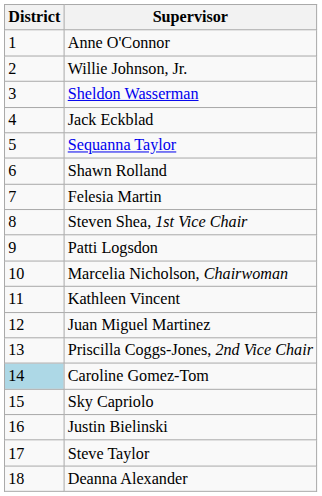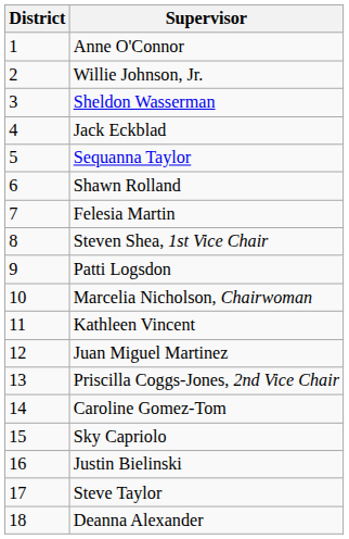 <table class="wikitable sortable">
 <tr>
 <th>District</th>
 <th>Supervisor</th>
 </tr>
 <tr>
 <td>1</td>
 <td>Anne O'Connor</td>
 </tr>
 <tr>
 <td>2</td>
 <td>Willie Johnson, Jr.</td>
 </tr>
 <tr>
 <td>3</td>
 <td><a href='#'>Sheldon Wasserman</a></td>
 </tr>
 <tr>
 <td>4</td>
 <td>Jack Eckblad</td>
 </tr>
 <tr>
 <td>5</td>
 <td><a href='#'>Sequanna Taylor</a></td>
 </tr>
 <tr>
 <td>6</td>
 <td>Shawn Rolland</td>
 </tr>
 <tr>
 <td>7</td>
 <td>Felesia Martin</td>
 </tr>
 <tr>
 <td>8</td>
 <td>Steven Shea, <em>1st Vice Chair</em></td>
 </tr>
 <tr>
 <td>9</td>
 <td>Patti Logsdon</td>
 </tr>
 <tr>
 <td>10</td>
 <td>Marcelia Nicholson, <em>Chairwoman</em></td>
 </tr>
 <tr>
 <td>11</td>
 <td>Kathleen Vincent</td>
 </tr>
 <tr>
 <td>12</td>
 <td>Juan Miguel Martinez</td>
 </tr>
 <tr>
 <td>13</td>
 <td>Priscilla Coggs-Jones, <em>2nd Vice Chair</em></td>
 </tr>
 <tr>
-<td style="background: lightblue;">14</td>
+<td>14</td>
 <td>Caroline Gomez-Tom</td>
 </tr>
 <tr>
 <td>15</td>
 <td>Sky Capriolo</td>
 </tr>
 <tr>
 <td>16</td>
 <td>Justin Bielinski</td>
 </tr>
 <tr>
 <td>17</td>
 <td>Steve Taylor</td>
 </tr>
 <tr>
 <td>18</td>
 <td>Deanna Alexander</td>
 </tr>
 </table>
